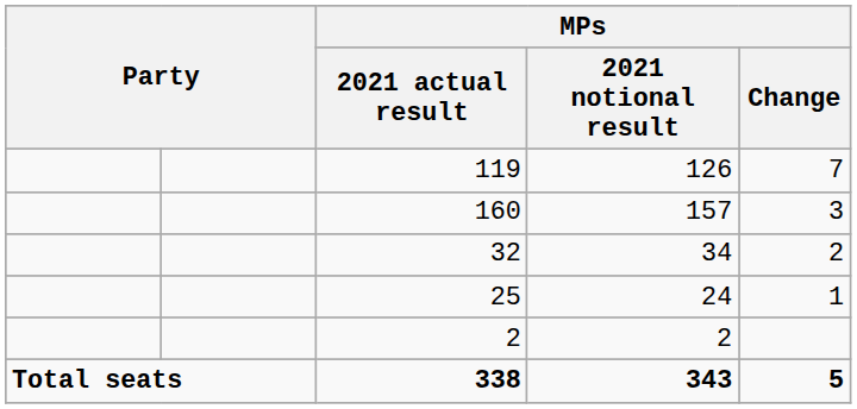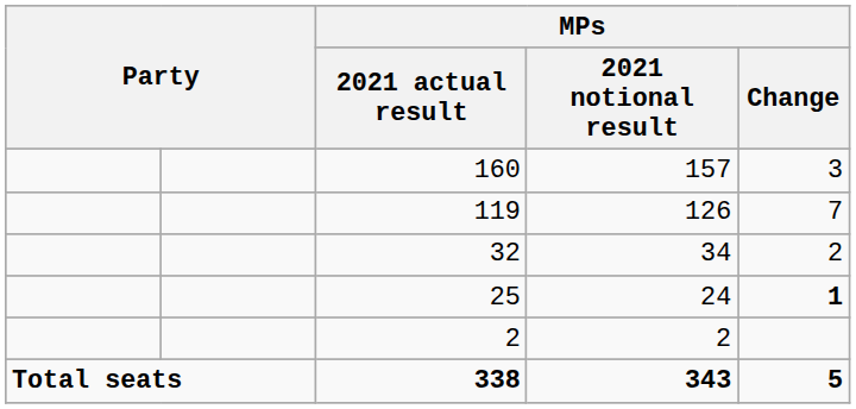 <table class="wikitable" style=text-align:right;>
 <tr>
 <th colspan="2" rowspan="2" class=unsortable style="text-align: center; vertical-align: middle; width: 150px;">Party</th>
 <th colspan="3" style="vertical-align: top;">MPs</th>
 </tr>
 <tr>
 <th data-sort-type=number style="width: 100px;">2021 actual result</th>
 <th data-sort-type=number style="width: 100px;">2021 notional result</th>
 <th data-sort-type=number style="width: 50px;">Change</th>
 </tr>
 <tr>
 <td style="background:"></td>
 <td style="text-align:left"></td>
-<td>119</td>
-<td>126</td>
-<td> 7</td>
+<td>160</td>
+<td>157</td>
+<td> 3</td>
 </tr>
 <tr>
 <td style="background:"></td>
 <td style="text-align:left"></td>
-<td>160</td>
-<td>157</td>
-<td> 3</td>
+<td>119</td>
+<td>126</td>
+<td> 7</td>
 </tr>
 <tr>
 <td style="background:"></td>
 <td style="text-align:left"></td>
 <td>32</td>
 <td>34</td>
 <td> 2</td>
 </tr>
 <tr>
 <td style="background:"></td>
 <td style="text-align:left"></td>
 <td>25</td>
 <td>24</td>
-<td> 1</td>
+<td><strong> 1</strong></td>
 </tr>
 <tr>
 <td style="background:"></td>
 <td style="text-align:left"></td>
 <td>2</td>
 <td>2</td>
 <td></td>
 </tr>
 <tr>
 <td style="text-align: left;" colspan="2"><strong>Total seats</strong></td>
 <td><strong>338</strong></td>
 <td><strong>343</strong></td>
 <td><strong>5</strong> </td>
 </tr>
 </table>
